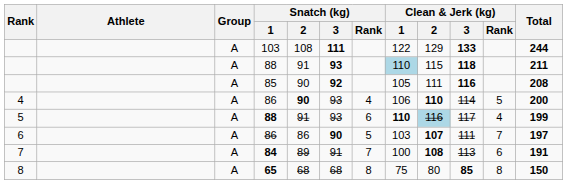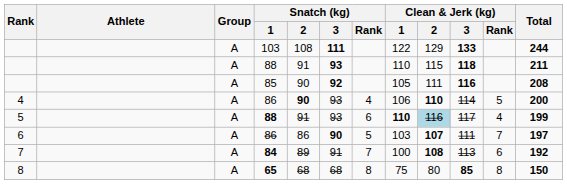 <table class = "wikitable" style="text-align:center;">
 <tr>
 <th rowspan=2 width=40>Rank</th>
 <th rowspan=2 width=250>Athlete</th>
 <th rowspan=2 width=50>Group</th>
 <th colspan=4>Snatch (kg)</th>
 <th colspan=4>Clean & Jerk (kg)</th>
 <th rowspan=2 width=60>Total</th>
 </tr>
 <tr>
 <th width=40>1</th>
 <th width=40>2</th>
 <th width=40>3</th>
 <th width=40>Rank</th>
 <th width=40>1</th>
 <th width=40>2</th>
 <th width=40>3</th>
 <th width=40>Rank</th>
 </tr>
 <tr>
 <td></td>
 <td align=left></td>
 <td>A</td>
 <td>103</td>
 <td>108</td>
 <td><strong>111</strong></td>
 <td></td>
 <td>122</td>
 <td>129</td>
 <td><strong>133</strong></td>
 <td></td>
 <td><strong>244</strong></td>
 </tr>
 <tr>
 <td></td>
 <td align=left></td>
 <td>A</td>
 <td>88</td>
 <td>91</td>
 <td><strong>93</strong></td>
 <td></td>
-<td style="background: lightblue;">110</td>
+<td>110</td>
 <td>115</td>
 <td><strong>118</strong></td>
 <td></td>
 <td><strong>211</strong></td>
 </tr>
 <tr>
 <td></td>
 <td align=left></td>
 <td>A</td>
 <td>85</td>
 <td>90</td>
 <td><strong>92</strong></td>
 <td></td>
 <td>105</td>
 <td>111</td>
 <td><strong>116</strong></td>
 <td></td>
 <td><strong>208</strong></td>
 </tr>
 <tr>
 <td>4</td>
 <td align=left></td>
 <td>A</td>
 <td>86</td>
 <td><strong>90</strong></td>
 <td><s>93</s></td>
 <td>4</td>
 <td>106</td>
 <td><strong>110</strong></td>
 <td><s>114</s></td>
 <td>5</td>
 <td><strong>200</strong></td>
 </tr>
 <tr>
 <td>5</td>
 <td align=left></td>
 <td>A</td>
 <td><strong>88</strong></td>
 <td><s>91</s></td>
 <td><s>93</s></td>
 <td>6</td>
 <td><strong>110</strong></td>
 <td style="background: lightblue;"><s>116</s></td>
 <td><s>117</s></td>
 <td>4</td>
 <td><strong>199</strong></td>
 </tr>
 <tr>
 <td>6</td>
 <td align=left></td>
 <td>A</td>
 <td><s>86</s></td>
 <td>86</td>
 <td><strong>90</strong></td>
 <td>5</td>
 <td>103</td>
 <td><strong>107</strong></td>
 <td><s>111</s></td>
 <td>7</td>
 <td><strong>197</strong></td>
 </tr>
 <tr>
 <td>7</td>
 <td align=left></td>
 <td>A</td>
 <td><strong>84</strong></td>
 <td><s>89</s></td>
 <td><s>91</s></td>
 <td>7</td>
 <td>100</td>
 <td><strong>108</strong></td>
 <td><s>113</s></td>
 <td>6</td>
-<td><strong>191</strong></td>
+<td><strong>192</strong></td>
 </tr>
 <tr>
 <td>8</td>
 <td align=left></td>
 <td>A</td>
 <td><strong>65</strong></td>
 <td><s>68</s></td>
 <td><s>68</s></td>
 <td>8</td>
 <td>75</td>
 <td>80</td>
 <td><strong>85</strong></td>
 <td>8</td>
 <td><strong>150</strong></td>
 </tr>
 </table>
